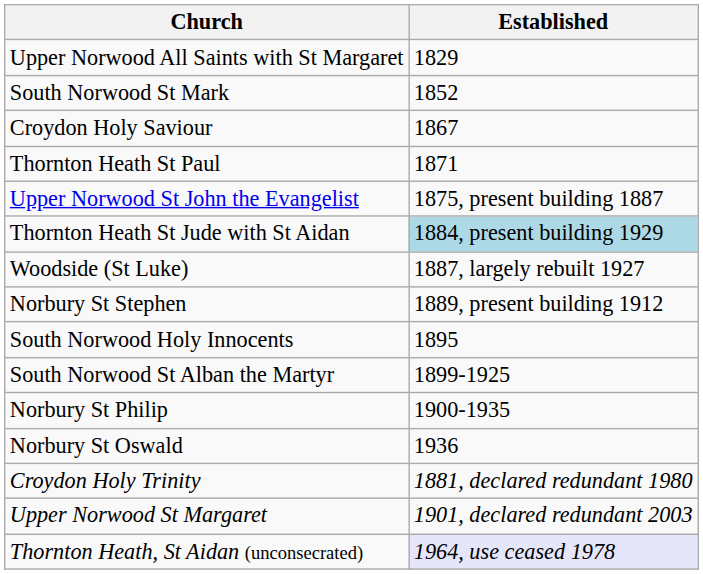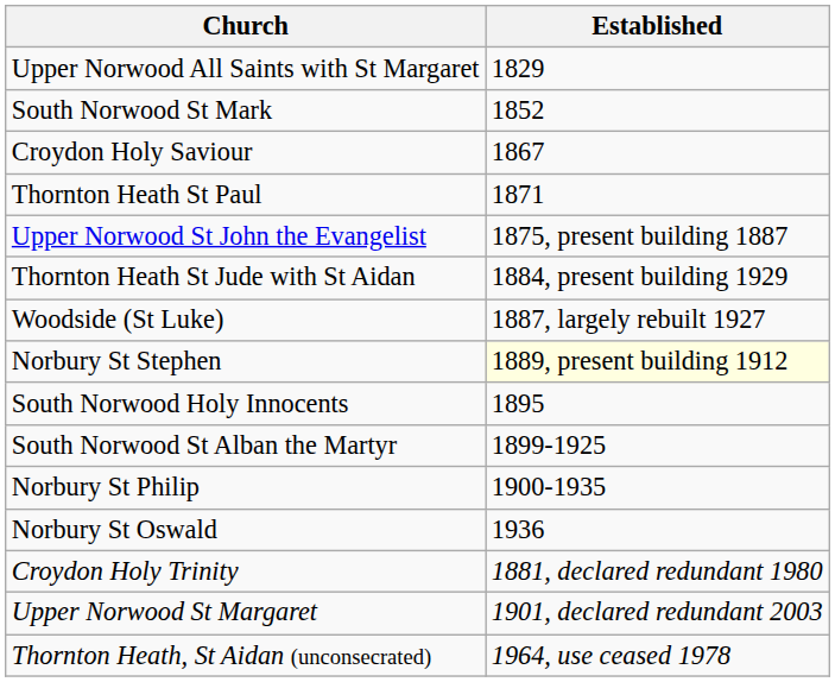 <table class="wikitable">
 <tr>
 <th>Church</th>
 <th>Established</th>
 </tr>
 <tr>
 <td>Upper Norwood All Saints with St Margaret</td>
 <td>1829</td>
 </tr>
 <tr>
 <td>South Norwood St Mark</td>
 <td>1852</td>
 </tr>
 <tr>
 <td>Croydon Holy Saviour</td>
 <td>1867</td>
 </tr>
 <tr>
 <td>Thornton Heath St Paul</td>
 <td>1871</td>
 </tr>
 <tr>
 <td><a href='#'>Upper Norwood St John the Evangelist</a></td>
 <td>1875, present building 1887</td>
 </tr>
 <tr>
 <td>Thornton Heath St Jude with St Aidan</td>
-<td style="background: lightblue;">1884, present building 1929</td>
+<td>1884, present building 1929</td>
 </tr>
 <tr>
 <td>Woodside (St Luke)</td>
 <td>1887, largely rebuilt 1927</td>
 </tr>
 <tr>
 <td>Norbury St Stephen</td>
-<td>1889, present building 1912</td>
+<td style="background: lightyellow;">1889, present building 1912</td>
 </tr>
 <tr>
 <td>South Norwood Holy Innocents</td>
 <td>1895</td>
 </tr>
 <tr>
 <td>South Norwood St Alban the Martyr</td>
 <td>1899-1925</td>
 </tr>
 <tr>
 <td>Norbury St Philip</td>
 <td>1900-1935</td>
 </tr>
 <tr>
 <td>Norbury St Oswald</td>
 <td>1936</td>
 </tr>
 <tr>
 <td><em>Croydon Holy Trinity</em></td>
 <td><em>1881, declared redundant 1980</em></td>
 </tr>
 <tr>
 <td><em>Upper Norwood St Margaret</em></td>
 <td><em>1901, declared redundant 2003</em></td>
 </tr>
 <tr>
 <td><em>Thornton Heath, St Aidan</em> <small>(unconsecrated)</small></td>
-<td style="background: lavender;"><em>1964, use ceased 1978</em></td>
+<td><em>1964, use ceased 1978</em></td>
 </tr>
 </table>
